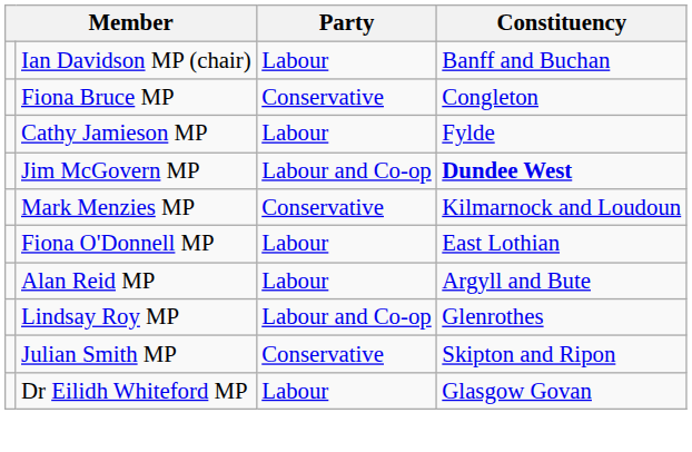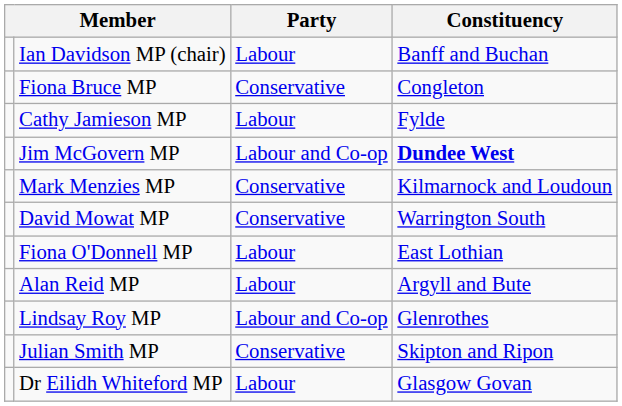 <table class="wikitable">
 <tr>
 <th colspan="2" valign="top">Member</th>
 <th valign="top">Party</th>
 <th valign="top">Constituency</th>
 </tr>
 <tr>
 <td style="color:inherit;background:"></td>
 <td><a href='#'>Ian Davidson</a> MP (chair)</td>
 <td><a href='#'>Labour</a></td>
 <td><a href='#'>Banff and Buchan</a></td>
 </tr>
 <tr>
 <td style="color:inherit;background:"></td>
 <td><a href='#'>Fiona Bruce</a> MP</td>
 <td><a href='#'>Conservative</a></td>
 <td><a href='#'>Congleton</a></td>
 </tr>
 <tr>
 <td style="color:inherit;background:"></td>
 <td><a href='#'>Cathy Jamieson</a> MP</td>
 <td><a href='#'>Labour</a></td>
 <td><a href='#'>Fylde</a></td>
 </tr>
 <tr>
 <td style="color:inherit;background:"></td>
 <td><a href='#'>Jim McGovern</a> MP</td>
 <td><a href='#'>Labour and Co-op</a></td>
 <td><strong><a href='#'>Dundee West</a></strong></td>
 </tr>
 <tr>
 <td style="color:inherit;background:"></td>
 <td><a href='#'>Mark Menzies</a> MP</td>
 <td><a href='#'>Conservative</a></td>
 <td><a href='#'>Kilmarnock and Loudoun</a></td>
 </tr>
 <tr>
 <td style="color:inherit;background:"></td>
+<td><a href='#'>David Mowat</a> MP</td>
+<td><a href='#'>Conservative</a></td>
+<td><a href='#'>Warrington South</a></td>
+</tr>
+<tr>
+<td style="color:inherit;background:"></td>
 <td><a href='#'>Fiona O'Donnell</a> MP</td>
 <td><a href='#'>Labour</a></td>
 <td><a href='#'>East Lothian</a></td>
 </tr>
 <tr>
 <td style="color:inherit;background:"></td>
 <td><a href='#'>Alan Reid</a> MP</td>
 <td><a href='#'>Labour</a></td>
 <td><a href='#'>Argyll and Bute</a></td>
 </tr>
 <tr>
 <td style="color:inherit;background:"></td>
 <td><a href='#'>Lindsay Roy</a> MP</td>
 <td><a href='#'>Labour and Co-op</a></td>
 <td><a href='#'>Glenrothes</a></td>
 </tr>
 <tr>
 <td style="color:inherit;background:"></td>
 <td><a href='#'>Julian Smith</a> MP</td>
 <td><a href='#'>Conservative</a></td>
 <td><a href='#'>Skipton and Ripon</a></td>
 </tr>
 <tr>
 <td style="color:inherit;background:"></td>
 <td>Dr <a href='#'>Eilidh Whiteford</a> MP</td>
 <td><a href='#'>Labour</a></td>
 <td><a href='#'>Glasgow Govan</a></td>
 </tr>
 </table>
